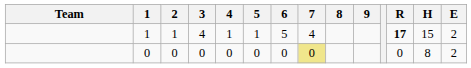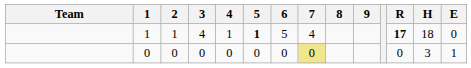 <table border=1 cellspacing=0 width=600 style="margin-left:3em;" class="wikitable">
 <tr style="text-align:center; background-color:#e6e6e6;">
 <th align=left width=28%>Team</th>
 <th width=6%>1</th>
 <th width=6%>2</th>
 <th width=6%>3</th>
 <th width=6%>4</th>
 <th width=6%>5</th>
 <th width=6%>6</th>
 <th width=6%>7</th>
 <th width=6%>8</th>
 <th width=6%>9</th>
 <th rowspan="3" width=0.5%></th>
 <th width=6%>R</th>
 <th width=6%>H</th>
 <th width=6%>E</th>
 </tr>
 <tr style="text-align:center;">
 <td align=left></td>
 <td>1</td>
 <td>1</td>
 <td>4</td>
 <td>1</td>
-<td>1</td>
+<td><strong>1</strong></td>
 <td>5</td>
 <td>4</td>
 <td></td>
 <td></td>
 <td><strong>17</strong></td>
-<td>15</td>
-<td>2</td>
+<td>18</td>
+<td>0</td>
 </tr>
 <tr style="text-align:center;">
 <td align=left></td>
 <td>0</td>
 <td>0</td>
 <td>0</td>
 <td>0</td>
 <td>0</td>
 <td>0</td>
 <td style="background: khaki;">0</td>
 <td></td>
 <td></td>
 <td>0</td>
-<td>8</td>
-<td>2</td>
+<td>3</td>
+<td>1</td>
 </tr>
 </table>
